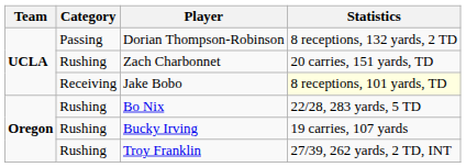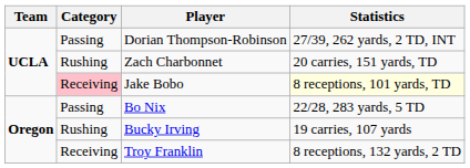 <table class="wikitable" style="float: right;">
 <tr>
 <th>Team</th>
 <th>Category</th>
 <th>Player</th>
 <th>Statistics</th>
 </tr>
 <tr>
 <td rowspan=3><strong>UCLA</strong></td>
 <td>Passing</td>
 <td>Dorian Thompson-Robinson</td>
-<td>8 receptions, 132 yards, 2 TD</td>
+<td>27/39, 262 yards, 2 TD, INT</td>
 </tr>
 <tr>
 <td>Rushing</td>
 <td>Zach Charbonnet</td>
 <td>20 carries, 151 yards, TD</td>
 </tr>
 <tr>
-<td>Receiving</td>
+<td style="background: pink;">Receiving</td>
 <td>Jake Bobo</td>
 <td style="background: lightyellow;">8 receptions, 101 yards, TD</td>
 </tr>
 <tr>
 <td rowspan=3><strong>Oregon</strong></td>
-<td>Rushing</td>
+<td>Passing</td>
 <td><a href='#'>Bo Nix</a></td>
 <td>22/28, 283 yards, 5 TD</td>
 </tr>
 <tr>
 <td>Rushing</td>
 <td><a href='#'>Bucky Irving</a></td>
 <td>19 carries, 107 yards</td>
 </tr>
 <tr>
-<td>Rushing</td>
+<td>Receiving</td>
 <td><a href='#'>Troy Franklin</a></td>
-<td>27/39, 262 yards, 2 TD, INT</td>
+<td>8 receptions, 132 yards, 2 TD</td>
 </tr>
 </table>
